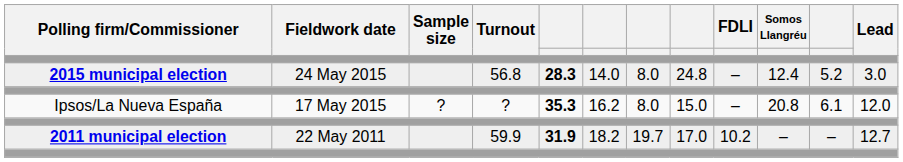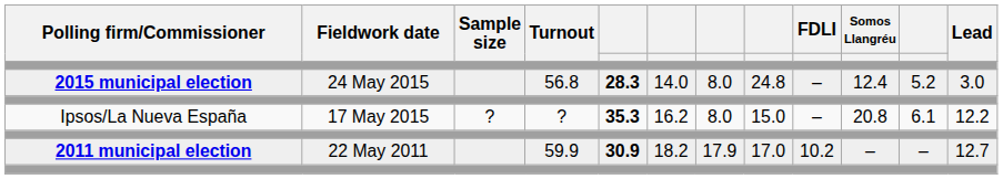 <table class="wikitable collapsible collapsed" style="text-align:center; font-size:95%; line-height:16px;">
 <tr style="height:42px;">
 <th style="width:250px;" rowspan="2">Polling firm/Commissioner</th>
 <th style="width:125px;" rowspan="2">Fieldwork date</th>
 <th style="width:50px;" rowspan="2">Sample size</th>
 <th style="width:45px;" rowspan="2">Turnout</th>
 <th style="width:35px;"></th>
 <th style="width:35px;"></th>
 <th style="width:35px;"></th>
 <th style="width:35px;"></th>
 <th style="width:35px;">FDLI</th>
 <th style="width:35px; font-size:70%;">Somos<br>Llangréu</th>
 <th style="width:35px;"></th>
 <th style="width:30px;" rowspan="2">Lead</th>
 </tr>
 <tr>
 <th style="color:inherit;background:"></th>
 <th style="color:inherit;background:"></th>
 <th style="color:inherit;background:"></th>
 <th style="color:inherit;background:"></th>
 <th style="color:inherit;background:"></th>
 <th style="color:inherit;background:"></th>
 <th style="color:inherit;background:"></th>
 </tr>
 <tr>
 <td colspan="12" style="background:#A0A0A0"></td>
 </tr>
 <tr style="background:#EFEFEF;">
 <td><strong><a href='#'>2015 municipal election</a></strong></td>
 <td>24 May 2015</td>
 <td></td>
 <td>56.8</td>
 <td><strong>28.3</strong><br></td>
 <td>14.0<br></td>
 <td>8.0<br></td>
 <td>24.8<br></td>
 <td>–</td>
 <td>12.4<br></td>
 <td>5.2<br></td>
 <td style="background:">3.0</td>
 </tr>
 <tr>
 <td colspan="12" style="background:#A0A0A0"></td>
 </tr>
 <tr>
 <td>Ipsos/La Nueva España</td>
 <td>17 May 2015</td>
 <td>?</td>
 <td>?</td>
 <td><strong>35.3</strong><br></td>
 <td>16.2<br></td>
 <td>8.0<br></td>
 <td>15.0<br></td>
 <td>–</td>
 <td>20.8<br></td>
 <td>6.1<br></td>
-<td style="background:">12.0</td>
+<td style="background:">12.2</td>
 </tr>
 <tr>
 <td colspan="12" style="background:#A0A0A0"></td>
 </tr>
 <tr style="background:#EFEFEF;">
 <td><strong><a href='#'>2011 municipal election</a></strong></td>
 <td>22 May 2011</td>
 <td></td>
 <td>59.9</td>
-<td><strong>31.9</strong><br></td>
+<td><strong>30.9</strong><br></td>
 <td>18.2<br></td>
-<td>19.7<br></td>
+<td>17.9<br></td>
 <td>17.0<br></td>
 <td>10.2<br></td>
 <td>–</td>
 <td>–</td>
 <td style="background:">12.7</td>
 </tr>
 <tr>
 <td colspan="12" style="background:#A0A0A0"></td>
 </tr>
 </table>
